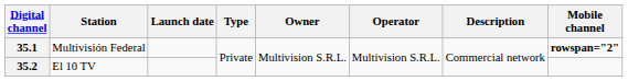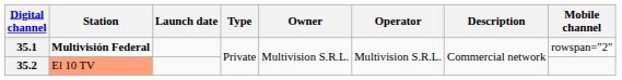 <table class="wikitable sortable" style="font-size: 90%;">
 <tr>
 <th><a href='#'>Digital<br>channel</a></th>
 <th>Station</th>
 <th>Launch date</th>
 <th>Type</th>
 <th>Owner</th>
 <th>Operator</th>
 <th>Description</th>
 <th>Mobile<br>channel</th>
 </tr>
 <tr>
 <th>35.1</th>
-<td>Multivisión Federal</td>
+<td><strong>Multivisión Federal</strong></td>
 <td></td>
 <td rowspan="2">Private</td>
 <td rowspan="2">Multivision S.R.L.</td>
 <td rowspan="2">Multivision S.R.L.</td>
 <td rowspan="2">Commercial network</td>
-<td><strong>rowspan="2" </strong></td>
+<td>rowspan="2" </td>
 </tr>
 <tr>
 <th>35.2</th>
-<td>El 10 TV</td>
+<td style="background: lightsalmon;">El 10 TV</td>
 <td></td>
 </tr>
 </table>
